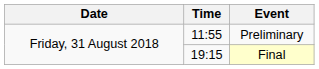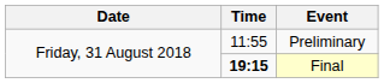 <table class = "wikitable" style="text-align:center;">
 <tr>
 <th width=220>Date</th>
 <th width=50>Time</th>
 <th width=100>Event</th>
 </tr>
 <tr>
 <td rowspan=2>Friday, 31 August 2018</td>
 <td>11:55</td>
 <td>Preliminary</td>
 </tr>
 <tr>
-<td>19:15</td>
+<td><strong>19:15</strong></td>
 <td bgcolor=ffffcc>Final</td>
 </tr>
 </table>
